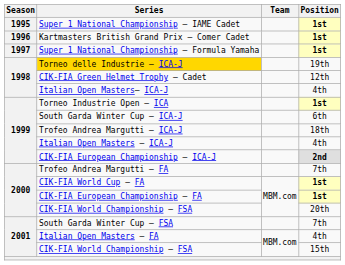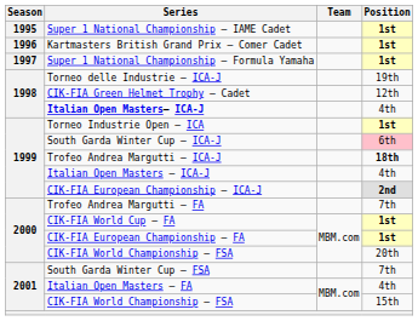 <table class="wikitable" style="font-size: 85%; text-align:center">
 <tr>
 <th>Season</th>
 <th>Series</th>
 <th>Team</th>
 <th>Position</th>
 </tr>
 <tr>
 <th>1995</th>
 <td align="left"><a href='#'>Super 1 National Championship</a> – IAME Cadet</td>
 <td align="left"></td>
 <td style="background:#FFFFBF;"><strong>1st</strong></td>
 </tr>
 <tr>
 <th>1996</th>
 <td align="left">Kartmasters British Grand Prix – Comer Cadet</td>
 <td align="left"></td>
 <td style="background:#FFFFBF;"><strong>1st</strong></td>
 </tr>
 <tr>
 <th>1997</th>
 <td align="left"><a href='#'>Super 1 National Championship</a> – Formula Yamaha</td>
 <td align="left"></td>
 <td style="background:#FFFFBF;"><strong>1st</strong></td>
 </tr>
 <tr>
 <th rowspan="3">1998</th>
-<td align="left" style="background: gold;">Torneo delle Industrie – <a href='#'>ICA-J</a></td>
+<td align="left">Torneo delle Industrie – <a href='#'>ICA-J</a></td>
 <td align="left"></td>
 <td>19th</td>
 </tr>
 <tr>
 <td align="left"><a href='#'>CIK-FIA Green Helmet Trophy</a> – Cadet</td>
 <td align="left"></td>
 <td>12th</td>
 </tr>
 <tr>
-<td align="left"><a href='#'>Italian Open Masters</a>– <a href='#'>ICA-J</a></td>
+<td align="left"><strong><a href='#'>Italian Open Masters</a>– <a href='#'>ICA-J</a></strong></td>
 <td align="left"></td>
 <td>4th</td>
 </tr>
 <tr>
 <th rowspan="5">1999</th>
 <td align="left">Torneo Industrie Open – <a href='#'>ICA</a></td>
 <td align="left"></td>
 <td style="background:#FFFFBF;"><strong>1st</strong></td>
 </tr>
 <tr>
 <td align="left">South Garda Winter Cup – <a href='#'>ICA-J</a></td>
 <td align="left"></td>
-<td>6th</td>
+<td style="background: pink;">6th</td>
 </tr>
 <tr>
 <td align="left">Trofeo Andrea Margutti – <a href='#'>ICA-J</a></td>
 <td align="left"></td>
-<td>18th</td>
+<td><strong>18th</strong></td>
 </tr>
 <tr>
 <td align="left"><a href='#'>Italian Open Masters</a> – <a href='#'>ICA-J</a></td>
 <td align="left"></td>
 <td>4th</td>
 </tr>
 <tr>
 <td align="left"><a href='#'>CIK-FIA European Championship</a> – <a href='#'>ICA-J</a></td>
 <td align="left"></td>
 <td style="background:#DFDFDF;"><strong>2nd</strong></td>
 </tr>
 <tr>
 <th rowspan="4">2000</th>
 <td align="left">Trofeo Andrea Margutti – <a href='#'>FA</a></td>
 <td align="left"></td>
 <td>7th</td>
 </tr>
 <tr>
 <td align="left"><a href='#'>CIK-FIA World Cup</a> – <a href='#'>FA</a></td>
 <td rowspan="3" align="left">MBM.com</td>
 <td style="background:#FFFFBF;"><strong>1st</strong></td>
 </tr>
 <tr>
 <td align="left"><a href='#'>CIK-FIA European Championship</a> – <a href='#'>FA</a></td>
 <td style="background:#FFFFBF;"><strong>1st</strong></td>
 </tr>
 <tr>
 <td align="left"><a href='#'>CIK-FIA World Championship</a> – <a href='#'>FSA</a></td>
 <td>20th</td>
 </tr>
 <tr>
 <th rowspan="3">2001</th>
 <td align="left">South Garda Winter Cup – <a href='#'>FSA</a></td>
 <td align="left"></td>
 <td>7th</td>
 </tr>
 <tr>
 <td align="left"><a href='#'>Italian Open Masters</a> – <a href='#'>FA</a></td>
 <td rowspan="2" align="left">MBM.com</td>
 <td>4th</td>
 </tr>
 <tr>
 <td align="left"><a href='#'>CIK-FIA World Championship</a> – <a href='#'>FSA</a></td>
 <td>15th</td>
 </tr>
 <tr>
 <th colspan="14"></th>
 </tr>
 </table>
